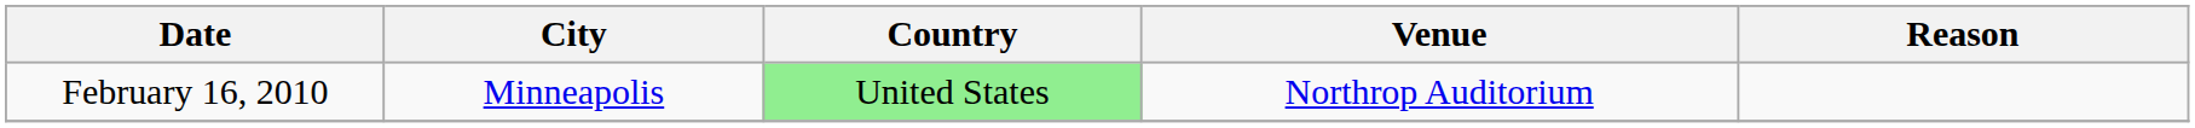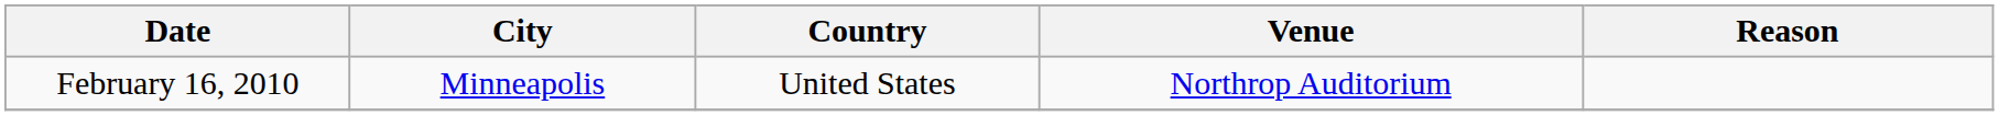 <table class="wikitable" style="text-align:center;">
 <tr>
 <th scope="col" style="width:10em;">Date</th>
 <th scope="col" style="width:10em;">City</th>
 <th scope="col" style="width:10em;">Country</th>
 <th scope="col" style="width:16em;">Venue</th>
 <th scope="col" style="width:12em;">Reason</th>
 </tr>
 <tr>
 <td>February 16, 2010</td>
 <td><a href='#'>Minneapolis</a></td>
-<td style="background: lightgreen;">United States</td>
+<td>United States</td>
 <td><a href='#'>Northrop Auditorium</a></td>
 <td></td>
 </tr>
 <tr>
 </tr>
 </table>
